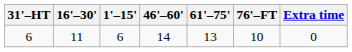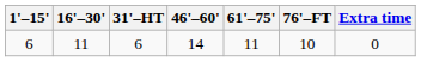 <table class="wikitable" style="text-align:center">
 <tr>
+<th>1'–15'</th>
+<th>16'–30'</th>
 <th>31'–HT</th>
-<th>16'–30'</th>
-<th>1'–15'</th>
 <th>46'–60'</th>
 <th>61'–75'</th>
 <th>76'–FT</th>
 <th><a href='#'>Extra time</a></th>
 </tr>
 <tr>
 <td>6</td>
 <td>11</td>
 <td>6</td>
 <td>14</td>
-<td>13</td>
+<td>11</td>
 <td>10</td>
 <td>0</td>
 </tr>
 </table>
